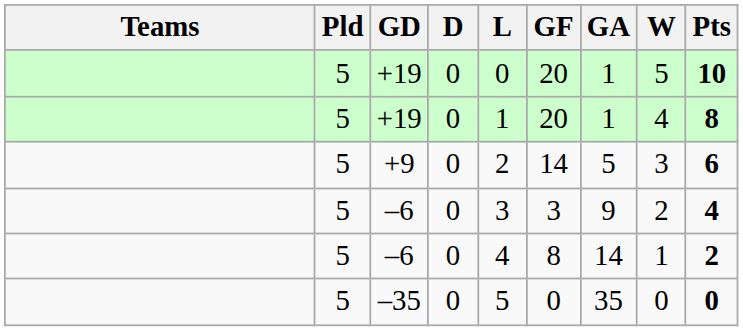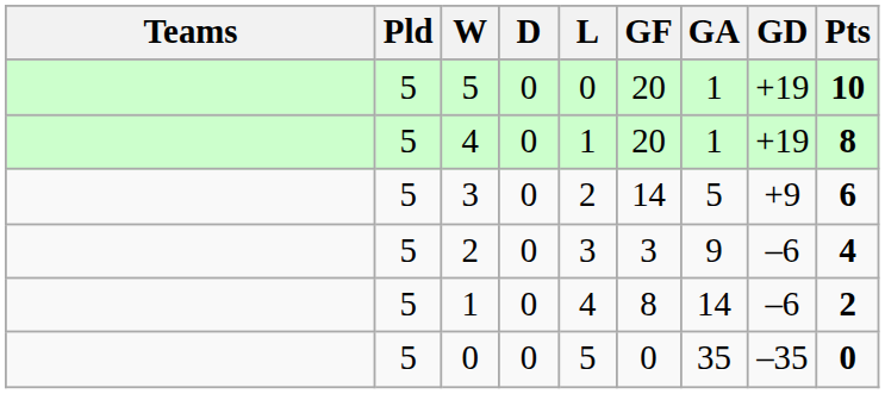 <table class="wikitable" style="text-align: center;">
 <tr>
 <th width=165>Teams</th>
 <th width=20>Pld</th>
-<th width=20>GD</th>
+<th width=20>W</th>
 <th width=20>D</th>
 <th width=20>L</th>
 <th width=20>GF</th>
 <th width=20>GA</th>
-<th width=20>W</th>
+<th width=20>GD</th>
 <th width=20>Pts</th>
 </tr>
 <tr align=center style="background:#ccffcc;">
 <td style="text-align:left;"></td>
 <td>5</td>
-<td>+19</td>
+<td>5</td>
 <td>0</td>
 <td>0</td>
 <td>20</td>
 <td>1</td>
-<td>5</td>
+<td>+19</td>
 <td><strong>10</strong></td>
 </tr>
 <tr align=center style="background:#ccffcc;">
 <td style="text-align:left;"></td>
 <td>5</td>
-<td>+19</td>
+<td>4</td>
 <td>0</td>
 <td>1</td>
 <td>20</td>
 <td>1</td>
-<td>4</td>
+<td>+19</td>
 <td><strong>8</strong></td>
 </tr>
 <tr align=center>
 <td style="text-align:left;"></td>
 <td>5</td>
-<td>+9</td>
+<td>3</td>
 <td>0</td>
 <td>2</td>
 <td>14</td>
 <td>5</td>
-<td>3</td>
+<td>+9</td>
 <td><strong>6</strong></td>
 </tr>
 <tr align=center>
 <td style="text-align:left;"></td>
 <td>5</td>
-<td>–6</td>
+<td>2</td>
 <td>0</td>
 <td>3</td>
 <td>3</td>
 <td>9</td>
-<td>2</td>
+<td>–6</td>
 <td><strong>4</strong></td>
 </tr>
 <tr align=center>
 <td style="text-align:left;"></td>
 <td>5</td>
-<td>–6</td>
+<td>1</td>
 <td>0</td>
 <td>4</td>
 <td>8</td>
 <td>14</td>
-<td>1</td>
+<td>–6</td>
 <td><strong>2</strong></td>
 </tr>
 <tr align=center>
 <td style="text-align:left;"></td>
 <td>5</td>
-<td>–35</td>
+<td>0</td>
 <td>0</td>
 <td>5</td>
 <td>0</td>
 <td>35</td>
-<td>0</td>
+<td>–35</td>
 <td><strong>0</strong></td>
 </tr>
 </table>
